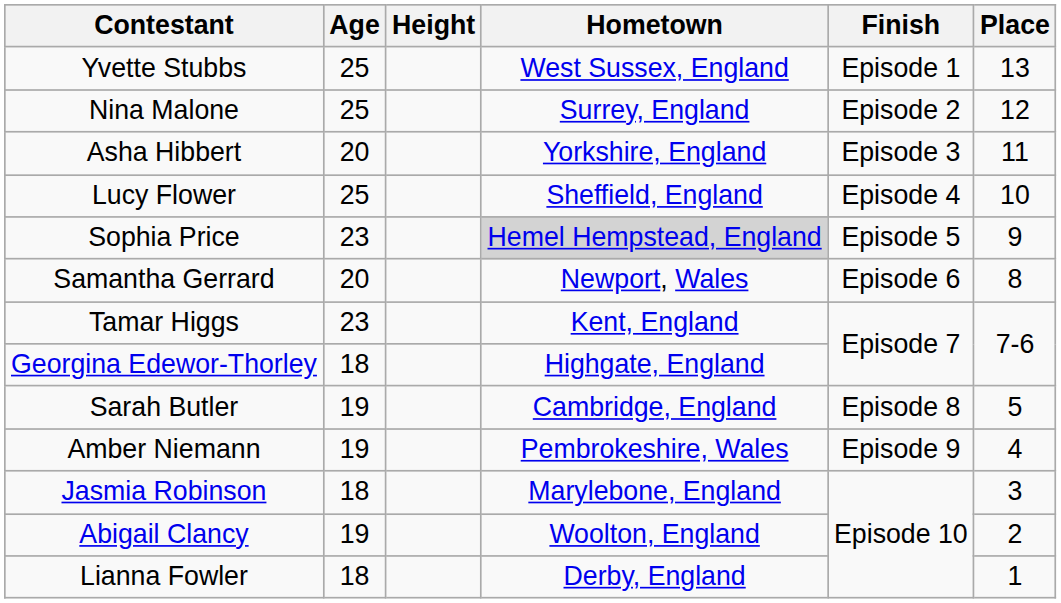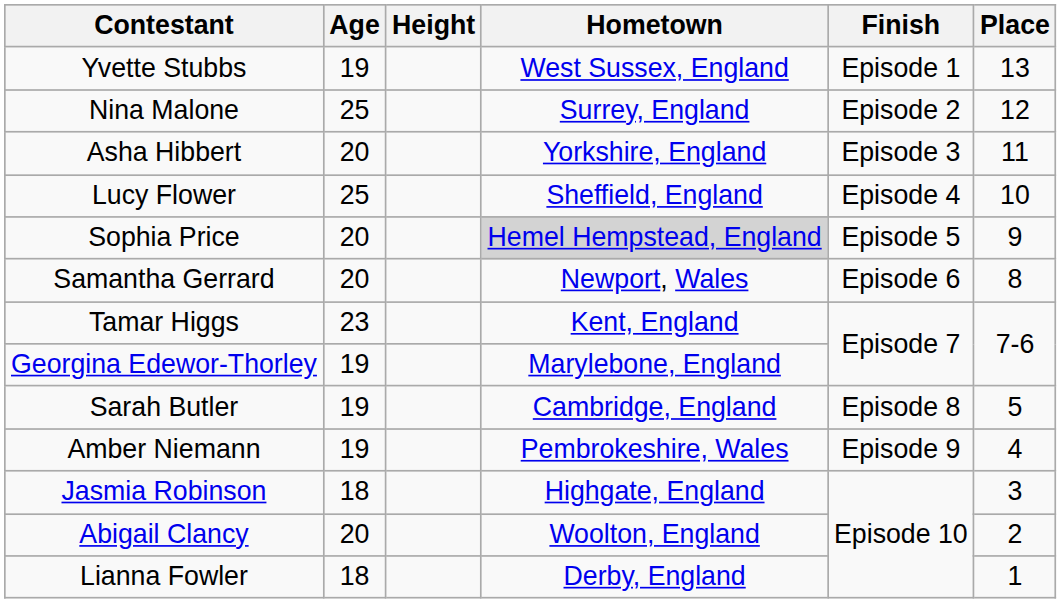 <table class="wikitable sortable" style="text-align:center;">
 <tr>
 <th>Contestant</th>
 <th>Age</th>
 <th>Height</th>
 <th>Hometown</th>
 <th>Finish</th>
 <th>Place</th>
 </tr>
 <tr>
 <td>Yvette Stubbs</td>
-<td>25</td>
+<td>19</td>
 <td></td>
 <td><a href='#'>West Sussex, England</a></td>
 <td>Episode 1</td>
 <td>13</td>
 </tr>
 <tr>
 <td>Nina Malone</td>
 <td>25</td>
 <td></td>
 <td><a href='#'>Surrey, England</a></td>
 <td>Episode 2</td>
 <td>12</td>
 </tr>
 <tr>
 <td>Asha Hibbert</td>
 <td>20</td>
 <td></td>
 <td><a href='#'>Yorkshire, England</a></td>
 <td>Episode 3</td>
 <td>11</td>
 </tr>
 <tr>
 <td>Lucy Flower</td>
 <td>25</td>
 <td></td>
 <td><a href='#'>Sheffield, England</a></td>
 <td>Episode 4</td>
 <td>10</td>
 </tr>
 <tr>
 <td>Sophia Price</td>
-<td>23</td>
+<td>20</td>
 <td></td>
 <td style="background: lightgrey;"><a href='#'>Hemel Hempstead, England</a></td>
 <td>Episode 5</td>
 <td>9</td>
 </tr>
 <tr>
 <td>Samantha Gerrard</td>
 <td>20</td>
 <td></td>
 <td><a href='#'>Newport</a>, <a href='#'>Wales</a></td>
 <td>Episode 6</td>
 <td>8</td>
 </tr>
 <tr>
 <td>Tamar Higgs</td>
 <td>23</td>
 <td></td>
 <td><a href='#'>Kent, England</a></td>
 <td rowspan="2">Episode 7</td>
 <td rowspan=2>7-6</td>
 </tr>
 <tr>
 <td><a href='#'>Georgina Edewor-Thorley</a></td>
-<td>18</td>
+<td>19</td>
 <td></td>
-<td><a href='#'>Highgate, England</a></td>
+<td><a href='#'>Marylebone, England</a></td>
 </tr>
 <tr>
 <td>Sarah Butler</td>
 <td>19</td>
 <td></td>
 <td><a href='#'>Cambridge, England</a></td>
 <td>Episode 8</td>
 <td>5</td>
 </tr>
 <tr>
 <td>Amber Niemann</td>
 <td>19</td>
 <td></td>
 <td><a href='#'>Pembrokeshire, Wales</a></td>
 <td>Episode 9</td>
 <td>4</td>
 </tr>
 <tr>
 <td><a href='#'>Jasmia Robinson</a></td>
 <td>18</td>
 <td></td>
-<td><a href='#'>Marylebone, England</a></td>
+<td><a href='#'>Highgate, England</a></td>
 <td rowspan=3>Episode 10</td>
 <td>3</td>
 </tr>
 <tr>
 <td><a href='#'>Abigail Clancy</a></td>
-<td>19</td>
+<td>20</td>
 <td></td>
 <td><a href='#'>Woolton, England</a></td>
 <td>2</td>
 </tr>
 <tr>
 <td>Lianna Fowler</td>
 <td>18</td>
 <td></td>
 <td><a href='#'>Derby, England</a></td>
 <td>1</td>
 </tr>
 </table>
